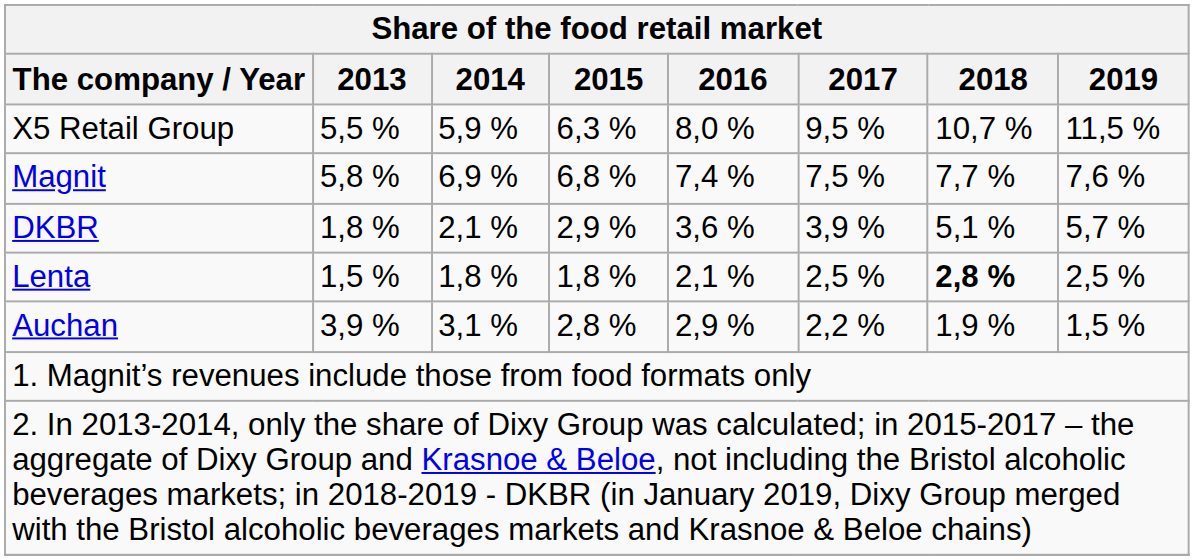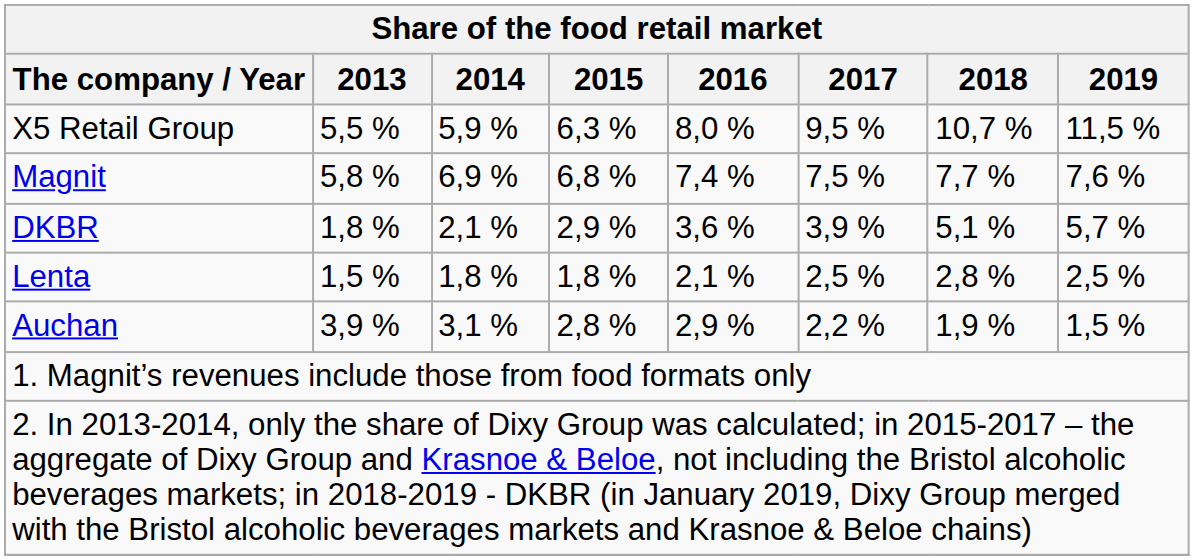 <table class="wikitable">
 <tr>
 <th colspan="8">Share of the food retail market</th>
 </tr>
 <tr>
 <th width="26%">The company / Year</th>
 <th width="10%">2013</th>
 <th width="10%">2014</th>
 <th width="10%">2015</th>
 <th width="11%">2016</th>
 <th width="11%">2017</th>
 <th width="11%">2018</th>
 <th width="11%">2019</th>
 </tr>
 <tr>
 <td>X5 Retail Group</td>
 <td>5,5 %</td>
 <td> 5,9 %</td>
 <td> 6,3 %</td>
 <td> 8,0 %</td>
 <td> 9,5 %</td>
 <td> 10,7 %</td>
 <td> 11,5 %</td>
 </tr>
 <tr>
 <td><a href='#'>Magnit</a></td>
 <td>5,8 %</td>
 <td> 6,9 %</td>
 <td> 6,8 %</td>
 <td> 7,4 %</td>
 <td> 7,5 %</td>
 <td> 7,7 %</td>
 <td> 7,6 %</td>
 </tr>
 <tr>
 <td><a href='#'>DKBR</a></td>
 <td>1,8 %</td>
 <td> 2,1 %</td>
 <td> 2,9 %</td>
 <td> 3,6 %</td>
 <td> 3,9 %</td>
 <td> 5,1 %</td>
 <td> 5,7 %</td>
 </tr>
 <tr>
 <td><a href='#'>Lenta</a></td>
 <td>1,5 %</td>
 <td> 1,8 %</td>
 <td>1,8 %</td>
 <td> 2,1 %</td>
 <td> 2,5 %</td>
-<td><strong> 2,8 %</strong></td>
+<td> 2,8 %</td>
 <td> 2,5 %</td>
 </tr>
 <tr>
 <td><a href='#'>Auchan</a></td>
 <td>3,9 %</td>
 <td> 3,1 %</td>
 <td> 2,8 %</td>
 <td> 2,9 %</td>
 <td> 2,2 %</td>
 <td> 1,9 %</td>
 <td> 1,5 %</td>
 </tr>
 <tr>
 <td colspan="8">1. Magnit’s revenues include those from food formats only</td>
 </tr>
 <tr>
 <td colspan="8">2. In 2013-2014, only the share of Dixy Group was calculated; in 2015-2017 – the aggregate of Dixy Group and <a href='#'>Krasnoe & Beloe</a>, not including the Bristol alcoholic beverages markets; in 2018-2019 - DKBR (in January 2019, Dixy Group merged with the Bristol alcoholic beverages markets and Krasnoe & Beloe chains)</td>
 </tr>
 <tr>
 </tr>
 </table>
